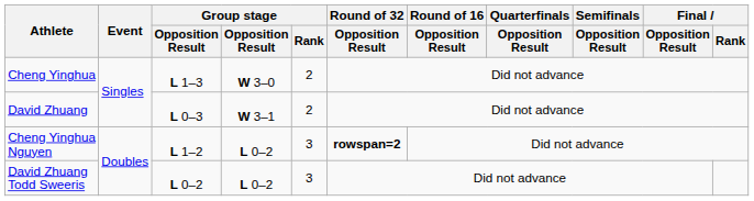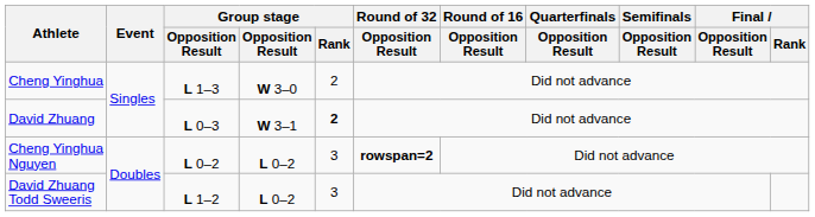 <table class=wikitable style=font-size:90%;text-align:center>
 <tr>
 <th rowspan=2>Athlete</th>
 <th rowspan=2>Event</th>
 <th colspan=3>Group stage</th>
 <th>Round of 32</th>
 <th>Round of 16</th>
 <th>Quarterfinals</th>
 <th>Semifinals</th>
 <th colspan=2>Final / </th>
 </tr>
 <tr style=font-size:95%>
 <th>Opposition<br>Result</th>
 <th>Opposition<br>Result</th>
 <th>Rank</th>
 <th>Opposition<br>Result</th>
 <th>Opposition<br>Result</th>
 <th>Opposition<br>Result</th>
 <th>Opposition<br>Result</th>
 <th>Opposition<br>Result</th>
 <th>Rank</th>
 </tr>
 <tr>
 <td align=left><a href='#'>Cheng Yinghua</a></td>
 <td align=left rowspan=2><a href='#'>Singles</a></td>
 <td><br><strong>L</strong> 1–3</td>
 <td><br><strong>W</strong> 3–0</td>
 <td>2</td>
 <td colspan=6>Did not advance</td>
 </tr>
 <tr>
 <td align=left><a href='#'>David Zhuang</a></td>
 <td><br><strong>L</strong> 0–3</td>
 <td><br><strong>W</strong> 3–1</td>
-<td>2</td>
+<td><strong>2</strong></td>
 <td colspan=6>Did not advance</td>
 </tr>
 <tr>
 <td align=left><a href='#'>Cheng Yinghua</a><br><a href='#'>Nguyen</a></td>
 <td align=left rowspan=2><a href='#'>Doubles</a></td>
-<td><br><strong>L</strong> 1–2</td>
+<td><br><strong>L</strong> 0–2</td>
 <td><br><strong>L</strong> 0–2</td>
 <td>3</td>
 <td><strong>rowspan=2 </strong></td>
 <td colspan=5>Did not advance</td>
 </tr>
 <tr>
 <td align=left><a href='#'>David Zhuang</a><br><a href='#'>Todd Sweeris</a></td>
-<td><br><strong>L</strong> 0–2</td>
+<td><br><strong>L</strong> 1–2</td>
 <td><br><strong>L</strong> 0–2</td>
 <td>3</td>
 <td colspan=5>Did not advance</td>
 </tr>
 </table>
